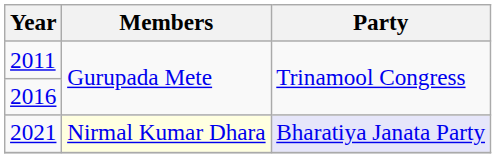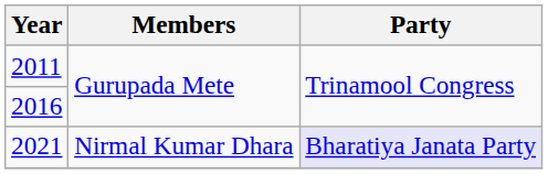 <table - class="wikitable sortable">
 <tr>
 <th>Year</th>
 <th>Members</th>
 <th>Party</th>
 </tr>
 <tr>
 <td><a href='#'>2011</a></td>
 <td rowspan=2><a href='#'>Gurupada Mete</a></td>
 <td rowspan=2><a href='#'>Trinamool Congress</a></td>
 </tr>
 <tr>
 <td><a href='#'>2016</a></td>
 </tr>
 <tr>
 <td><a href='#'>2021</a></td>
-<td style="background: lightyellow;"><a href='#'>Nirmal Kumar Dhara</a></td>
+<td><a href='#'>Nirmal Kumar Dhara</a></td>
 <td style="background: lavender;"><a href='#'>Bharatiya Janata Party</a></td>
 </tr>
 <tr>
 </tr>
 </table>
